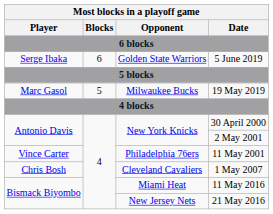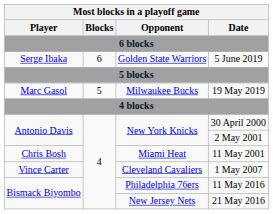 <table class="wikitable" style="text-align:center">
 <tr>
 <th colspan="4">Most blocks in a playoff game</th>
 </tr>
 <tr>
 <th>Player</th>
 <th>Blocks</th>
 <th>Opponent</th>
 <th>Date</th>
 </tr>
 <tr>
 <th colspan="4" style="text-align:center; background:#A1A1A4; color:#061922;">6 blocks</th>
 </tr>
 <tr>
 <td><a href='#'>Serge Ibaka</a></td>
 <td>6</td>
 <td><a href='#'>Golden State Warriors</a></td>
 <td>5 June 2019</td>
 </tr>
 <tr>
 <th colspan="4" style="text-align:center; background:#A1A1A4; color:#061922;">5 blocks</th>
 </tr>
 <tr>
 <td><a href='#'>Marc Gasol</a></td>
 <td>5</td>
 <td><a href='#'>Milwaukee Bucks</a></td>
 <td>19 May 2019</td>
 </tr>
 <tr>
 <th colspan="4" style="text-align:center; background:#A1A1A4; color:#061922;">4 blocks</th>
 </tr>
 <tr>
 <td rowspan=2><a href='#'>Antonio Davis</a></td>
 <td rowspan=6>4</td>
 <td rowspan=2><a href='#'>New York Knicks</a></td>
 <td>30 April 2000</td>
 </tr>
 <tr>
 <td>2 May 2001</td>
 </tr>
 <tr>
-<td><a href='#'>Vince Carter</a></td>
-<td><a href='#'>Philadelphia 76ers</a></td>
+<td><a href='#'>Chris Bosh</a></td>
+<td><a href='#'>Miami Heat</a></td>
 <td>11 May 2001</td>
 </tr>
 <tr>
-<td><a href='#'>Chris Bosh</a></td>
+<td><a href='#'>Vince Carter</a></td>
 <td><a href='#'>Cleveland Cavaliers</a></td>
 <td>1 May 2007</td>
 </tr>
 <tr>
 <td rowspan=2><a href='#'>Bismack Biyombo</a></td>
-<td><a href='#'>Miami Heat</a></td>
+<td><a href='#'>Philadelphia 76ers</a></td>
 <td>11 May 2016</td>
 </tr>
 <tr>
 <td><a href='#'>New Jersey Nets</a></td>
 <td>21 May 2016</td>
 </tr>
 </table>
